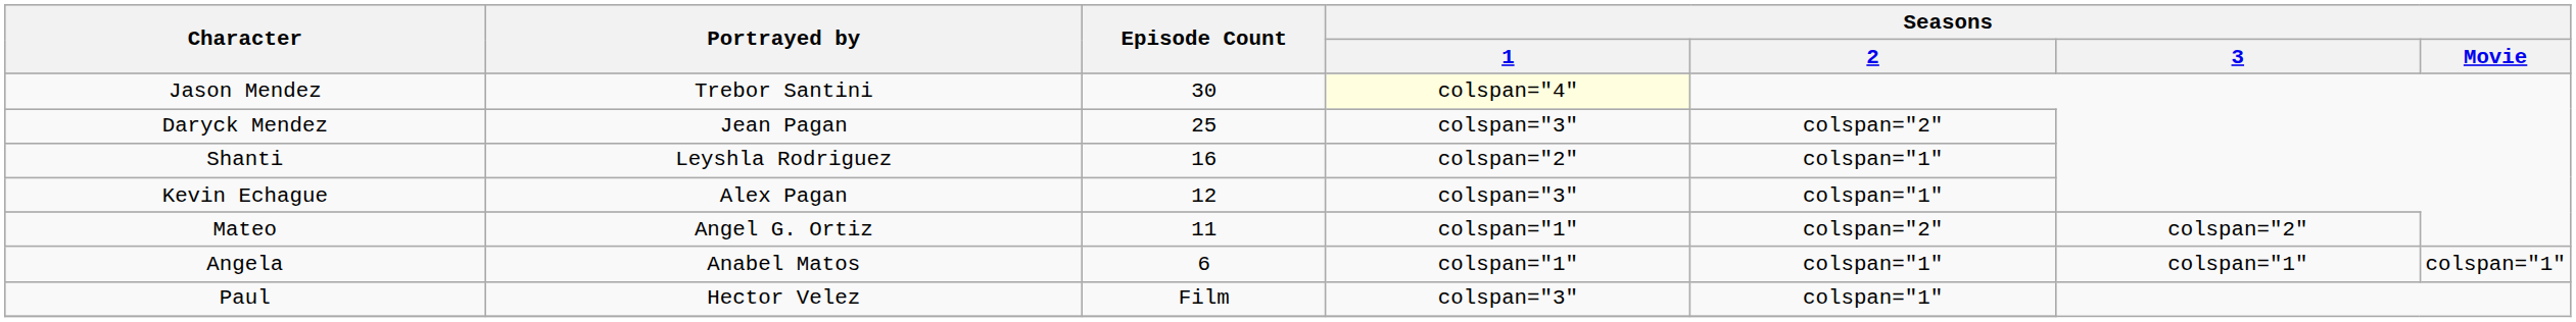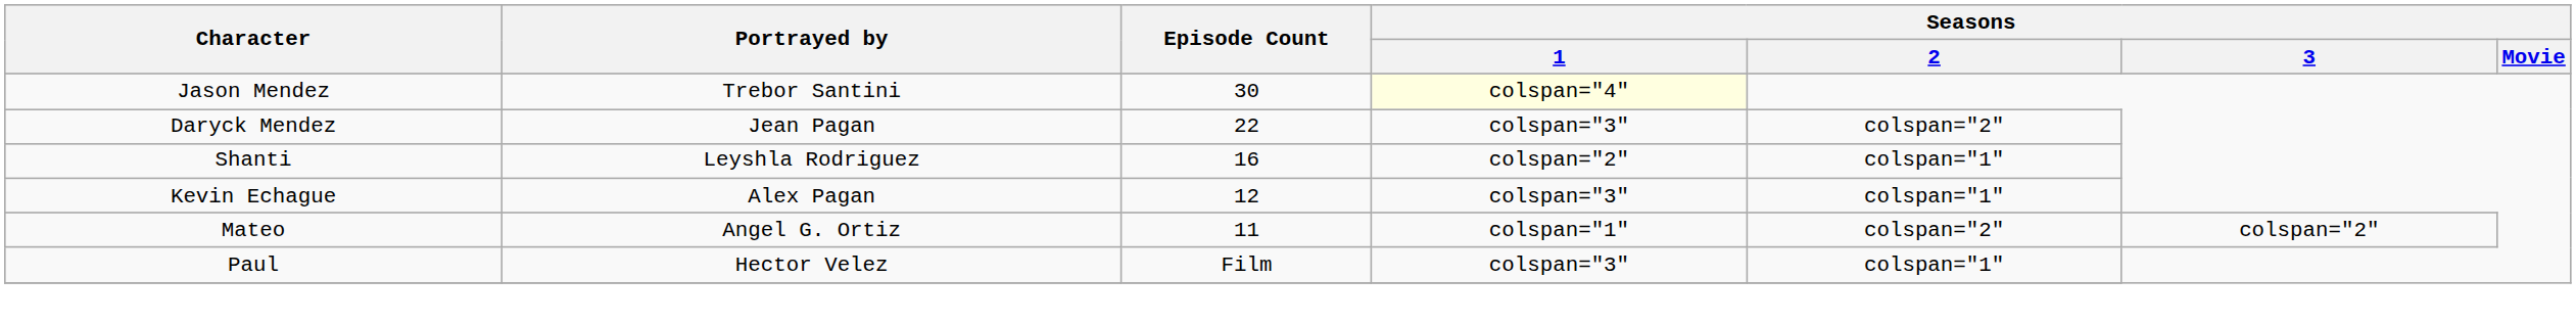 <table class="wikitable plainrowheaders" style="text-align:center">
 <tr>
 <th scope="col" rowspan="2" style="width:20%;">Character</th>
 <th scope="col" rowspan="2" style="width:25%;">Portrayed by</th>
 <th scope="col" rowspan="2" style="width:10%;">Episode Count</th>
 <th scope="col" colspan="4">Seasons</th>
 </tr>
 <tr>
 <th scope="col" style="width:15%;"><a href='#'>1</a></th>
 <th scope="col" style="width:15%;"><a href='#'>2</a></th>
 <th scope="col" style="width:15%;"><a href='#'>3</a></th>
 <th scope="col" style="width:15%;"><a href='#'>Movie</a></th>
 </tr>
 <tr>
 <td scope="row">Jason Mendez</td>
 <td>Trebor Santini</td>
 <td>30</td>
 <td style="background: lightyellow;">colspan="4" </td>
 </tr>
 <tr>
 <td scope="row">Daryck Mendez</td>
 <td>Jean Pagan</td>
-<td>25</td>
+<td>22</td>
 <td>colspan="3" </td>
 <td>colspan="2" </td>
 </tr>
 <tr>
 <td scope="row">Shanti</td>
 <td>Leyshla Rodriguez</td>
 <td>16</td>
 <td>colspan="2" </td>
 <td>colspan="1" </td>
 </tr>
 <tr>
 <td scope="row">Kevin Echague</td>
 <td>Alex Pagan</td>
 <td>12</td>
 <td>colspan="3" </td>
 <td>colspan="1" </td>
 </tr>
 <tr>
 <td scope="row">Mateo</td>
 <td>Angel G. Ortiz</td>
 <td>11</td>
 <td>colspan="1" </td>
 <td>colspan="2" </td>
 <td>colspan="2" </td>
 </tr>
 <tr>
-<td scope="row">Angela</td>
-<td>Anabel Matos</td>
-<td>6</td>
-<td>colspan="1" </td>
-<td>colspan="1" </td>
-<td>colspan="1" </td>
-<td>colspan="1" </td>
-</tr>
-<tr>
 <td scope="row">Paul</td>
 <td>Hector Velez</td>
 <td>Film</td>
 <td>colspan="3" </td>
 <td>colspan="1" </td>
 </tr>
 <tr>
 </tr>
 </table>
